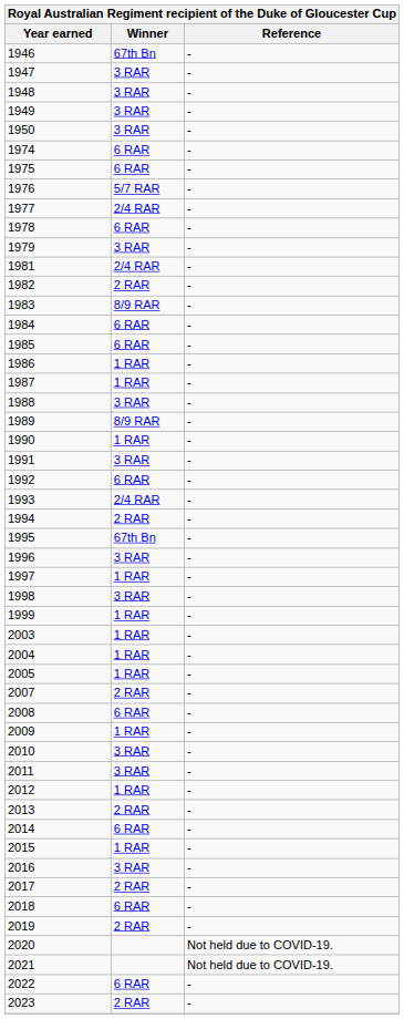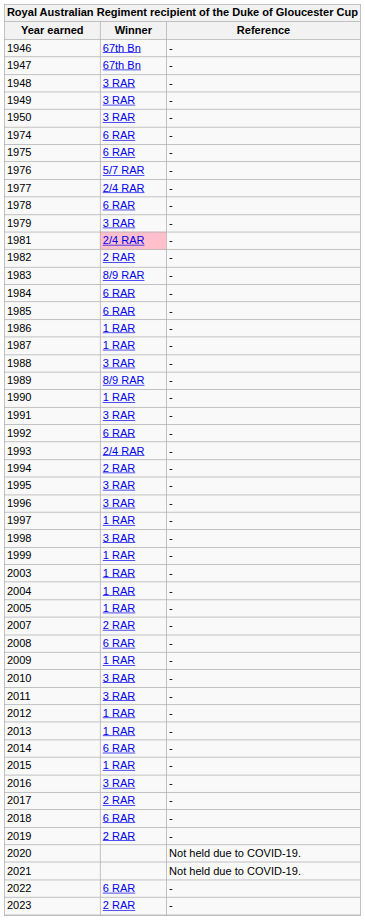 <table class="wikitable sortable collapsible collapsed" border="1">
 <tr>
 <th colspan="3" align="center">Royal Australian Regiment recipient of the Duke of Gloucester Cup</th>
 </tr>
 <tr>
 <th>Year earned</th>
 <th>Winner</th>
 <th>Reference</th>
 </tr>
 <tr>
 <td>1946</td>
 <td><a href='#'>67th Bn</a></td>
 <td>-</td>
 </tr>
 <tr>
 <td>1947</td>
-<td><a href='#'>3 RAR</a></td>
+<td><a href='#'>67th Bn</a></td>
 <td>-</td>
 </tr>
 <tr>
 <td>1948</td>
 <td><a href='#'>3 RAR</a></td>
 <td>-</td>
 </tr>
 <tr>
 <td>1949</td>
 <td><a href='#'>3 RAR</a></td>
 <td>-</td>
 </tr>
 <tr>
 <td>1950</td>
 <td><a href='#'>3 RAR</a></td>
 <td>-</td>
 </tr>
 <tr>
 <td>1974</td>
 <td><a href='#'>6 RAR</a></td>
 <td>-</td>
 </tr>
 <tr>
 <td>1975</td>
 <td><a href='#'>6 RAR</a></td>
 <td>-</td>
 </tr>
 <tr>
 <td>1976</td>
 <td><a href='#'>5/7 RAR</a></td>
 <td>-</td>
 </tr>
 <tr>
 <td>1977</td>
 <td><a href='#'>2/4 RAR</a></td>
 <td>-</td>
 </tr>
 <tr>
 <td>1978</td>
 <td><a href='#'>6 RAR</a></td>
 <td>-</td>
 </tr>
 <tr>
 <td>1979</td>
 <td><a href='#'>3 RAR</a></td>
 <td>-</td>
 </tr>
 <tr>
 <td>1981</td>
-<td><a href='#'>2/4 RAR</a></td>
+<td style="background: pink;"><a href='#'>2/4 RAR</a></td>
 <td>-</td>
 </tr>
 <tr>
 <td>1982</td>
 <td><a href='#'>2 RAR</a></td>
 <td>-</td>
 </tr>
 <tr>
 <td>1983</td>
 <td><a href='#'>8/9 RAR</a></td>
 <td>‐</td>
 </tr>
 <tr>
 <td>1984</td>
 <td><a href='#'>6 RAR</a></td>
 <td>-</td>
 </tr>
 <tr>
 <td>1985</td>
 <td><a href='#'>6 RAR</a></td>
 <td>-</td>
 </tr>
 <tr>
 <td>1986</td>
 <td><a href='#'>1 RAR</a></td>
 <td>-</td>
 </tr>
 <tr>
 <td>1987</td>
 <td><a href='#'>1 RAR</a></td>
 <td>-</td>
 </tr>
 <tr>
 <td>1988</td>
 <td><a href='#'>3 RAR</a></td>
 <td>-</td>
 </tr>
 <tr>
 <td>1989</td>
 <td><a href='#'>8/9 RAR</a></td>
 <td>-</td>
 </tr>
 <tr>
 <td>1990</td>
 <td><a href='#'>1 RAR</a></td>
 <td>-</td>
 </tr>
 <tr>
 <td>1991</td>
 <td><a href='#'>3 RAR</a></td>
 <td>-</td>
 </tr>
 <tr>
 <td>1992</td>
 <td><a href='#'>6 RAR</a></td>
 <td>-</td>
 </tr>
 <tr>
 <td>1993</td>
 <td><a href='#'>2/4 RAR</a></td>
 <td>-</td>
 </tr>
 <tr>
 <td>1994</td>
 <td><a href='#'>2 RAR</a></td>
 <td>-</td>
 </tr>
 <tr>
 <td>1995</td>
-<td><a href='#'>67th Bn</a></td>
+<td><a href='#'>3 RAR</a></td>
 <td>-</td>
 </tr>
 <tr>
 <td>1996</td>
 <td><a href='#'>3 RAR</a></td>
 <td>-</td>
 </tr>
 <tr>
 <td>1997</td>
 <td><a href='#'>1 RAR</a></td>
 <td>-</td>
 </tr>
 <tr>
 <td>1998</td>
 <td><a href='#'>3 RAR</a></td>
 <td>-</td>
 </tr>
 <tr>
 <td>1999</td>
 <td><a href='#'>1 RAR</a></td>
 <td>-</td>
 </tr>
 <tr>
 <td>2003</td>
 <td><a href='#'>1 RAR</a></td>
 <td>-</td>
 </tr>
 <tr>
 <td>2004</td>
 <td><a href='#'>1 RAR</a></td>
 <td>-</td>
 </tr>
 <tr>
 <td>2005</td>
 <td><a href='#'>1 RAR</a></td>
 <td>-</td>
 </tr>
 <tr>
 <td>2007</td>
 <td><a href='#'>2 RAR</a></td>
 <td>-</td>
 </tr>
 <tr>
 <td>2008</td>
 <td><a href='#'>6 RAR</a></td>
 <td>-</td>
 </tr>
 <tr>
 <td>2009</td>
 <td><a href='#'>1 RAR</a></td>
 <td>-</td>
 </tr>
 <tr>
 <td>2010</td>
 <td><a href='#'>3 RAR</a></td>
 <td>-</td>
 </tr>
 <tr>
 <td>2011</td>
 <td><a href='#'>3 RAR</a></td>
 <td>-</td>
 </tr>
 <tr>
 <td>2012</td>
 <td><a href='#'>1 RAR</a></td>
 <td>-</td>
 </tr>
 <tr>
 <td>2013</td>
-<td><a href='#'>2 RAR</a></td>
+<td><a href='#'>1 RAR</a></td>
 <td>-</td>
 </tr>
 <tr>
 <td>2014</td>
 <td><a href='#'>6 RAR</a></td>
 <td>-</td>
 </tr>
 <tr>
 <td>2015</td>
 <td><a href='#'>1 RAR</a></td>
 <td>-</td>
 </tr>
 <tr>
 <td>2016</td>
 <td><a href='#'>3 RAR</a></td>
 <td>-</td>
 </tr>
 <tr>
 <td>2017</td>
 <td><a href='#'>2 RAR</a></td>
 <td>-</td>
 </tr>
 <tr>
 <td>2018</td>
 <td><a href='#'>6 RAR</a></td>
 <td>-</td>
 </tr>
 <tr>
 <td>2019</td>
 <td><a href='#'>2 RAR</a></td>
 <td>-</td>
 </tr>
 <tr>
 <td>2020</td>
 <td></td>
 <td>Not held due to COVID-19.</td>
 </tr>
 <tr>
 <td>2021</td>
 <td></td>
 <td>Not held due to COVID-19.</td>
 </tr>
 <tr>
 <td>2022</td>
 <td><a href='#'>6 RAR</a></td>
 <td>-</td>
 </tr>
 <tr>
 <td>2023</td>
 <td><a href='#'>2 RAR</a></td>
 <td>-</td>
 </tr>
 <tr>
 </tr>
 </table>
